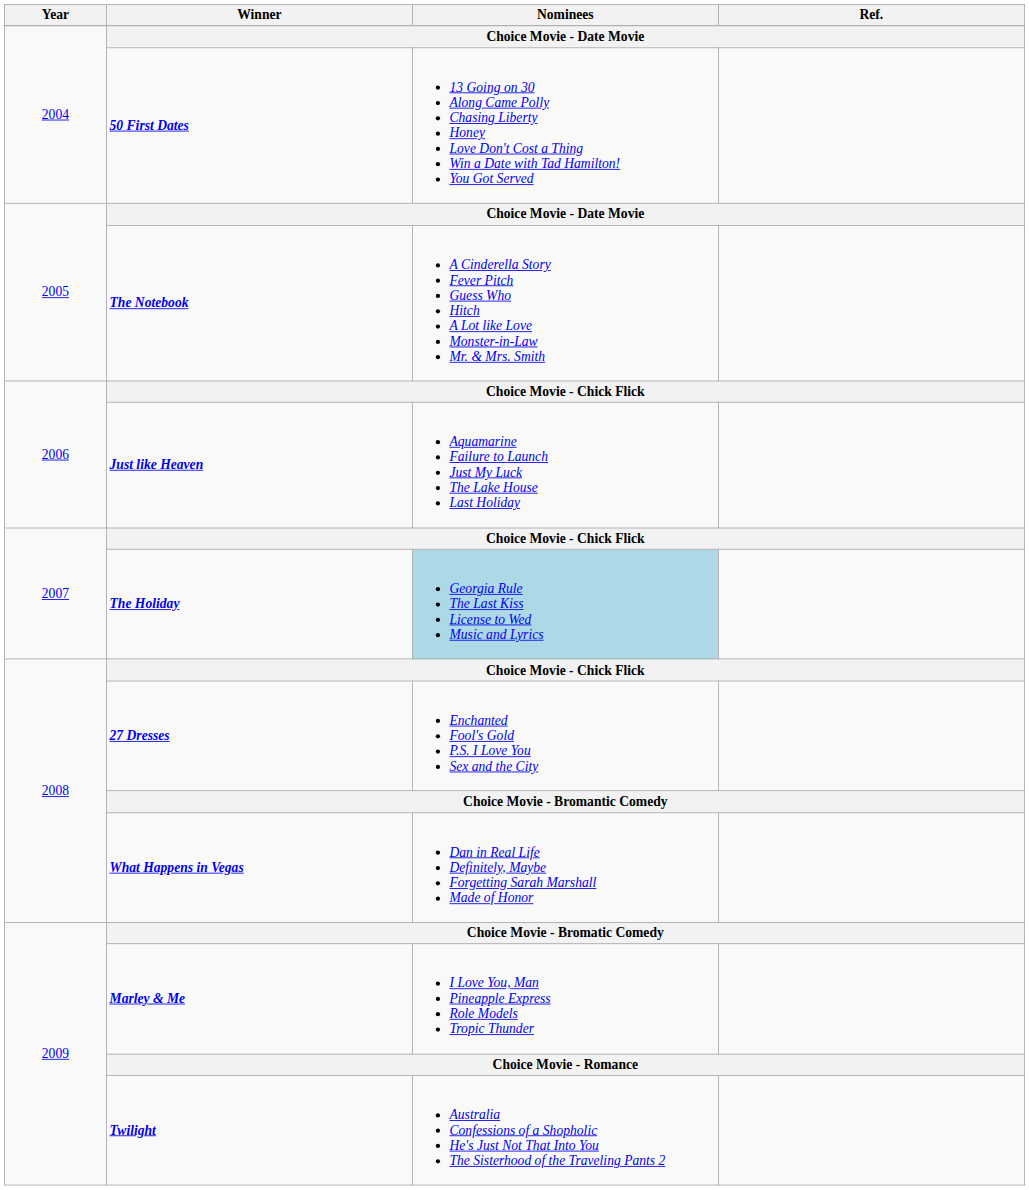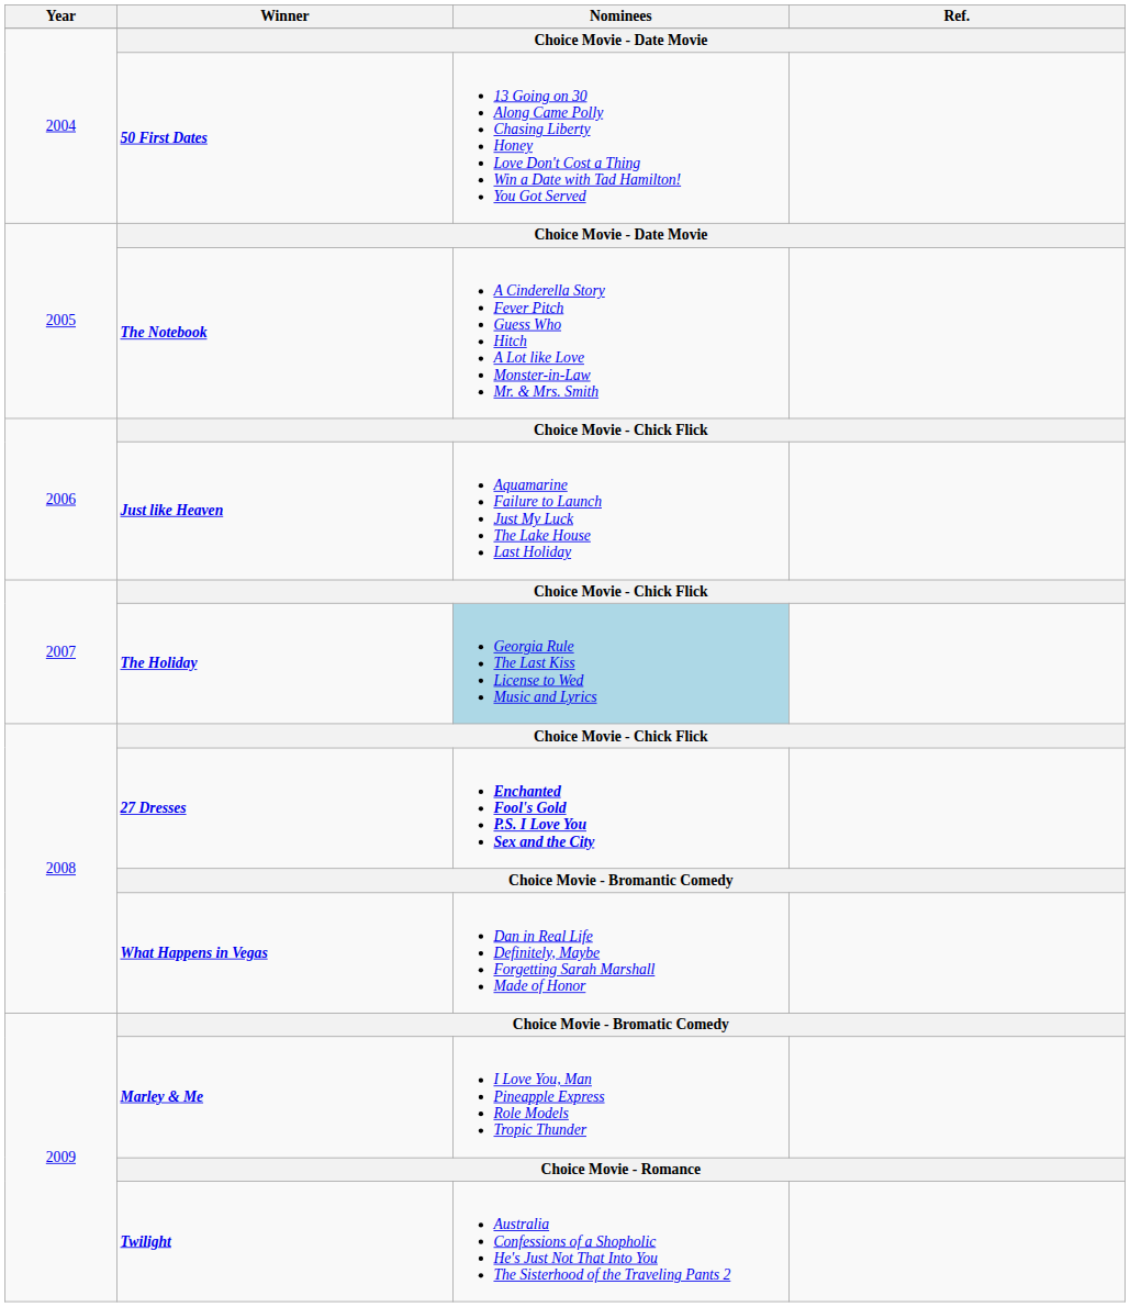 <table class="wikitable" width="95%" cellpadding="5">
 <tr>
 <th width="10%">Year</th>
 <th width="30%">Winner</th>
 <th width="30%">Nominees</th>
 <th width="30%">Ref.</th>
 </tr>
 <tr>
 </tr>
 <tr>
 <td rowspan="2" align="center"><a href='#'>2004</a></td>
 <th colspan="3">Choice Movie - Date Movie</th>
 </tr>
 <tr>
 <td><strong><em><a href='#'>50 First Dates</a></em></strong></td>
 <td><br><ul><li><em><a href='#'>13 Going on 30</a></em></li><li><em><a href='#'>Along Came Polly</a></em></li><li><em><a href='#'>Chasing Liberty</a></em></li><li><em><a href='#'>Honey</a></em></li><li><em><a href='#'>Love Don't Cost a Thing</a></em></li><li><em><a href='#'>Win a Date with Tad Hamilton!</a></em></li><li><em><a href='#'>You Got Served</a></em></li></ul></td>
 <td align="center"></td>
 </tr>
 <tr>
 <td rowspan="2" align="center"><a href='#'>2005</a></td>
 <th colspan="3">Choice Movie - Date Movie</th>
 </tr>
 <tr>
 <td><strong><em><a href='#'>The Notebook</a></em></strong></td>
 <td><br><ul><li><em><a href='#'>A Cinderella Story</a></em></li><li><em><a href='#'>Fever Pitch</a></em></li><li><em><a href='#'>Guess Who</a></em></li><li><em><a href='#'>Hitch</a></em></li><li><em><a href='#'>A Lot like Love</a></em></li><li><em><a href='#'>Monster-in-Law</a></em></li><li><em><a href='#'>Mr. & Mrs. Smith</a></em></li></ul></td>
 <td align="center"></td>
 </tr>
 <tr>
 <td rowspan="2" align="center"><a href='#'>2006</a></td>
 <th colspan="3">Choice Movie - Chick Flick</th>
 </tr>
 <tr>
 <td><strong><em><a href='#'>Just like Heaven</a></em></strong></td>
 <td><br><ul><li><em><a href='#'>Aquamarine</a></em></li><li><em><a href='#'>Failure to Launch</a></em></li><li><em><a href='#'>Just My Luck</a></em></li><li><em><a href='#'>The Lake House</a></em></li><li><em><a href='#'>Last Holiday</a></em></li></ul></td>
 <td align="center"></td>
 </tr>
 <tr>
 <td rowspan="2" align="center"><a href='#'>2007</a></td>
 <th colspan="3">Choice Movie - Chick Flick</th>
 </tr>
 <tr>
 <td><strong><em><a href='#'>The Holiday</a></em></strong></td>
 <td style="background: lightblue;"><br><ul><li><em><a href='#'>Georgia Rule</a></em></li><li><em><a href='#'>The Last Kiss</a></em></li><li><em><a href='#'>License to Wed</a></em></li><li><em><a href='#'>Music and Lyrics</a></em></li></ul></td>
 <td align="center"></td>
 </tr>
 <tr>
 <td rowspan="4" align="center"><a href='#'>2008</a></td>
 <th colspan="3">Choice Movie - Chick Flick</th>
 </tr>
 <tr>
 <td><strong><em><a href='#'>27 Dresses</a></em></strong></td>
-<td><br><ul><li><em><a href='#'>Enchanted</a></em></li><li><em><a href='#'>Fool's Gold</a></em></li><li><em><a href='#'>P.S. I Love You</a></em></li><li><em><a href='#'>Sex and the City</a></em></li></ul></td>
+<td><strong><br><ul><li><em><a href='#'>Enchanted</a></em></li><li><em><a href='#'>Fool's Gold</a></em></li><li><em><a href='#'>P.S. I Love You</a></em></li><li><em><a href='#'>Sex and the City</a></em></li></ul></strong></td>
 <td align="center"></td>
 </tr>
 <tr>
 <th colspan="3">Choice Movie - Bromantic Comedy</th>
 </tr>
 <tr>
 <td><strong><em><a href='#'>What Happens in Vegas</a></em></strong></td>
 <td><br><ul><li><em><a href='#'>Dan in Real Life</a></em></li><li><em><a href='#'>Definitely, Maybe</a></em></li><li><em><a href='#'>Forgetting Sarah Marshall</a></em></li><li><em><a href='#'>Made of Honor</a></em></li></ul></td>
 <td align="center"></td>
 </tr>
 <tr>
 <td rowspan="4" align="center"><a href='#'>2009</a></td>
 <th colspan="3">Choice Movie - Bromatic Comedy</th>
 </tr>
 <tr>
 <td><strong><em><a href='#'>Marley & Me</a></em></strong></td>
 <td><br><ul><li><em><a href='#'>I Love You, Man</a></em></li><li><em><a href='#'>Pineapple Express</a></em></li><li><em><a href='#'>Role Models</a></em></li><li><em><a href='#'>Tropic Thunder</a></em></li></ul></td>
 <td align="center"></td>
 </tr>
 <tr>
 <th colspan="3">Choice Movie - Romance</th>
 </tr>
 <tr>
 <td><strong><em><a href='#'>Twilight</a></em></strong></td>
 <td><br><ul><li><em><a href='#'>Australia</a></em></li><li><em><a href='#'>Confessions of a Shopholic</a></em></li><li><em><a href='#'>He's Just Not That Into You</a></em></li><li><em><a href='#'>The Sisterhood of the Traveling Pants 2</a></em></li></ul></td>
 <td align="center"></td>
 </tr>
 </table>
